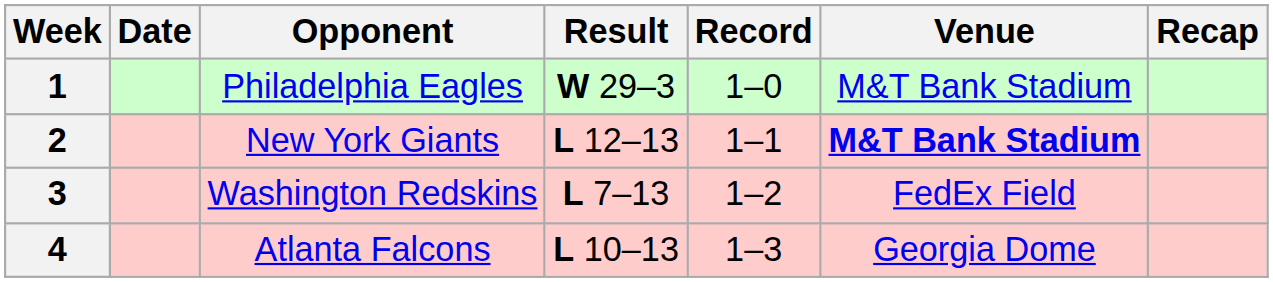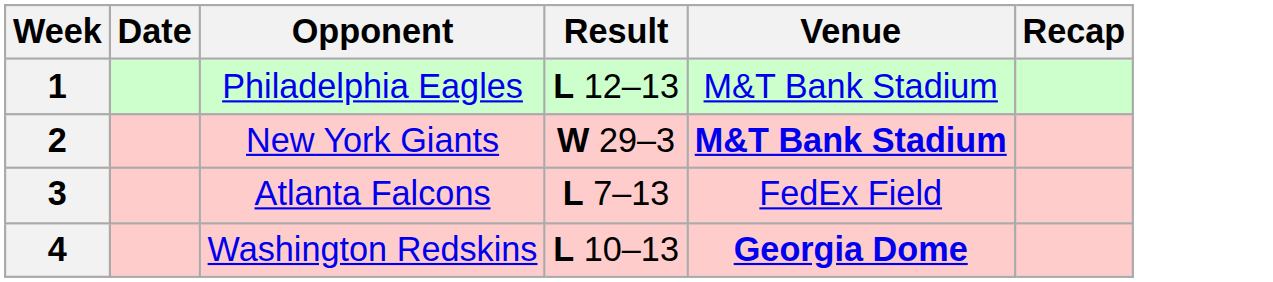 <table class="wikitable" style="text-align:center">
 <tr>
 <th>Week</th>
 <th>Date</th>
 <th>Opponent</th>
 <th>Result</th>
-<th>Record</th>
 <th>Venue</th>
 <th>Recap</th>
 </tr>
 <tr bgcolor="#cfc">
 <th>1</th>
 <td></td>
 <td><a href='#'>Philadelphia Eagles</a></td>
-<td><strong>W</strong> 29–3</td>
-<td>1–0</td>
+<td><strong>L</strong> 12–13</td>
 <td><a href='#'>M&T Bank Stadium</a></td>
 <td></td>
 </tr>
 <tr bgcolor="#fcc">
 <th>2</th>
 <td></td>
 <td><a href='#'>New York Giants</a></td>
-<td><strong>L</strong> 12–13</td>
-<td>1–1</td>
+<td><strong>W</strong> 29–3</td>
 <td><strong><a href='#'>M&T Bank Stadium</a></strong></td>
 <td></td>
 </tr>
 <tr bgcolor="#fcc">
 <th>3</th>
 <td></td>
-<td><a href='#'>Washington Redskins</a></td>
+<td><a href='#'>Atlanta Falcons</a></td>
 <td><strong>L</strong> 7–13</td>
-<td>1–2</td>
 <td><a href='#'>FedEx Field</a></td>
 <td></td>
 </tr>
 <tr bgcolor="#fcc">
 <th>4</th>
 <td></td>
-<td><a href='#'>Atlanta Falcons</a></td>
+<td><a href='#'>Washington Redskins</a></td>
 <td><strong>L</strong> 10–13</td>
-<td>1–3</td>
-<td><a href='#'>Georgia Dome</a></td>
+<td><strong><a href='#'>Georgia Dome</a></strong></td>
 <td></td>
 </tr>
 </table>
